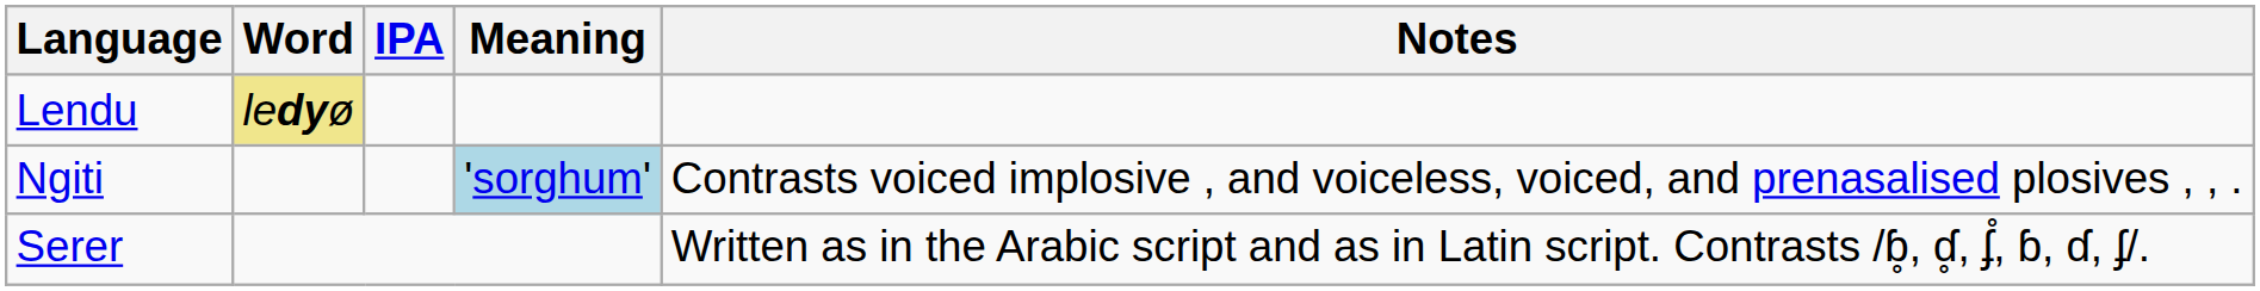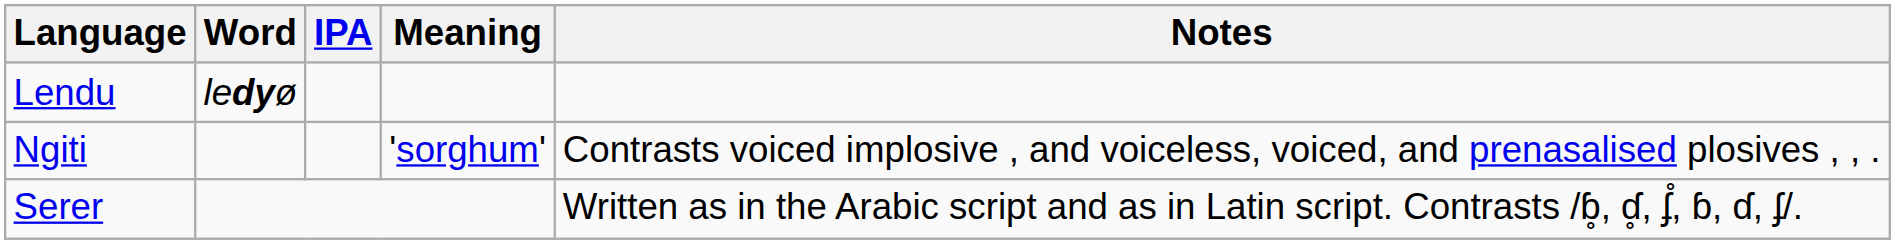 <table class=wikitable>
 <tr>
 <th colspan=2>Language</th>
 <th>Word</th>
 <th><a href='#'>IPA</a></th>
 <th>Meaning</th>
 <th>Notes</th>
 </tr>
 <tr>
 <td colspan=2><a href='#'>Lendu</a></td>
-<td style="background: khaki;"><em>le<strong>dy</strong>ø</em></td>
+<td><em>le<strong>dy</strong>ø</em></td>
 <td></td>
 <td></td>
 <td></td>
 </tr>
 <tr>
 <td colspan=2><a href='#'>Ngiti</a></td>
 <td></td>
 <td></td>
-<td style="background: lightblue;">'<a href='#'>sorghum</a>'</td>
+<td>'<a href='#'>sorghum</a>'</td>
 <td>Contrasts voiced implosive , and voiceless, voiced, and <a href='#'>prenasalised</a> plosives , , .</td>
 </tr>
 <tr>
 <td colspan=2><a href='#'>Serer</a></td>
 <td colspan=3></td>
 <td>Written as  in the Arabic script and as  in Latin script. Contrasts /ɓ̥, ɗ̥, ʄ̊, ɓ, ɗ, ʄ/.</td>
 </tr>
 </table>
